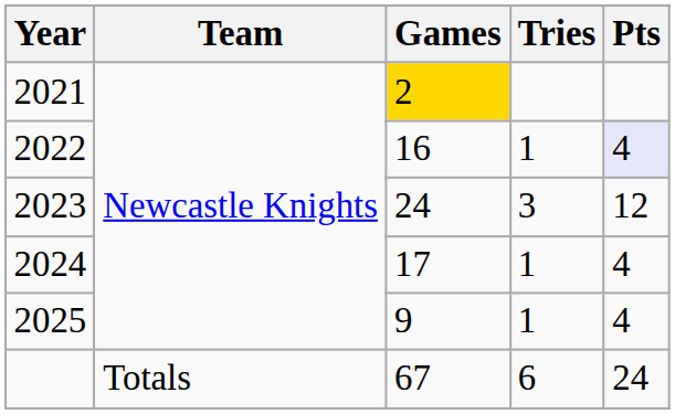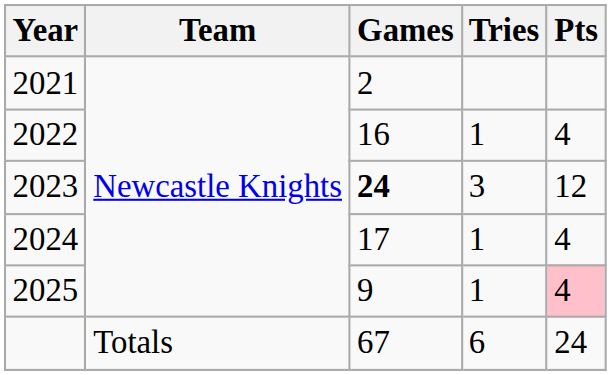 <table class="wikitable">
 <tr>
 <th>Year</th>
 <th>Team</th>
 <th>Games</th>
 <th>Tries</th>
 <th>Pts</th>
 </tr>
 <tr>
 <td>2021</td>
 <td rowspan="5">  <a href='#'>Newcastle Knights</a></td>
-<td style="background: gold;">2</td>
+<td>2</td>
 <td></td>
 <td></td>
 </tr>
 <tr>
 <td>2022</td>
 <td>16</td>
 <td>1</td>
-<td style="background: lavender;">4</td>
+<td>4</td>
 </tr>
 <tr>
 <td>2023</td>
-<td>24</td>
+<td><strong>24</strong></td>
 <td>3</td>
 <td>12</td>
 </tr>
 <tr>
 <td>2024</td>
 <td>17</td>
 <td>1</td>
 <td>4</td>
 </tr>
 <tr>
 <td>2025</td>
 <td>9</td>
 <td>1</td>
-<td>4</td>
+<td style="background: pink;">4</td>
 </tr>
 <tr>
 <td></td>
 <td>Totals</td>
 <td>67</td>
 <td>6</td>
 <td>24</td>
 </tr>
 </table>
